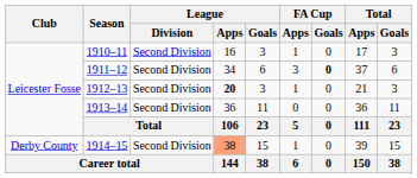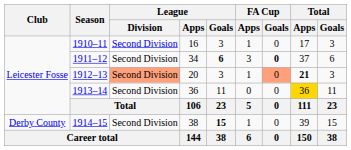 <table class="wikitable" style="text-align: center;">
 <tr>
 <th rowspan="2">Club</th>
 <th rowspan="2">Season</th>
 <th colspan="3">League</th>
 <th colspan="2">FA Cup</th>
 <th colspan="2">Total</th>
 </tr>
 <tr>
 <th>Division</th>
 <th>Apps</th>
 <th>Goals</th>
 <th>Apps</th>
 <th>Goals</th>
 <th>Apps</th>
 <th>Goals</th>
 </tr>
 <tr>
 <td rowspan="5"><a href='#'>Leicester Fosse</a></td>
 <td><a href='#'>1910–11</a></td>
 <td><a href='#'>Second Division</a></td>
 <td>16</td>
 <td>3</td>
 <td>1</td>
 <td>0</td>
 <td>17</td>
 <td>3</td>
 </tr>
 <tr>
 <td><a href='#'>1911–12</a></td>
 <td>Second Division</td>
 <td>34</td>
-<td>6</td>
+<td><strong>6</strong></td>
 <td>3</td>
 <td><strong>0</strong></td>
 <td>37</td>
 <td>6</td>
 </tr>
 <tr>
 <td><a href='#'>1912–13</a></td>
-<td>Second Division</td>
-<td><strong>20</strong></td>
+<td style="background: lightsalmon;">Second Division</td>
+<td>20</td>
 <td>3</td>
 <td>1</td>
-<td>0</td>
-<td>21</td>
+<td style="background: lightsalmon;">0</td>
+<td><strong>21</strong></td>
 <td>3</td>
 </tr>
 <tr>
 <td><a href='#'>1913–14</a></td>
 <td>Second Division</td>
 <td>36</td>
 <td>11</td>
 <td>0</td>
 <td>0</td>
-<td>36</td>
+<td style="background: gold;">36</td>
 <td>11</td>
 </tr>
 <tr>
 <th colspan="2">Total</th>
 <th>106</th>
 <th>23</th>
 <th>5</th>
 <th>0</th>
 <th>111</th>
 <th>23</th>
 </tr>
 <tr>
 <td><a href='#'>Derby County</a></td>
 <td><a href='#'>1914–15</a></td>
 <td>Second Division</td>
-<td style="background: lightsalmon;">38</td>
-<td>15</td>
+<td>38</td>
+<td><strong>15</strong></td>
 <td>1</td>
 <td>0</td>
 <td>39</td>
 <td>15</td>
 </tr>
 <tr>
 <th colspan="3">Career total</th>
 <th>144</th>
 <th>38</th>
 <th>6</th>
 <th>0</th>
 <th>150</th>
 <th>38</th>
 </tr>
 </table>
